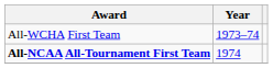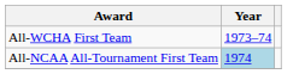 <table class="wikitable">
 <tr>
 <th>Award</th>
 <th>Year</th>
 <th></th>
 </tr>
 <tr>
 <td>All-<a href='#'>WCHA</a> <a href='#'>First Team</a></td>
 <td><a href='#'>1973–74</a></td>
 <td></td>
 </tr>
 <tr>
-<td><strong>All-<a href='#'>NCAA</a> <a href='#'>All-Tournament First Team</a></strong></td>
-<td><a href='#'>1974</a></td>
+<td>All-<a href='#'>NCAA</a> <a href='#'>All-Tournament First Team</a></td>
+<td style="background: lightblue;"><a href='#'>1974</a></td>
 <td></td>
 </tr>
 <tr>
 </tr>
 </table>
